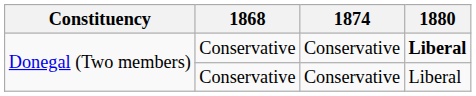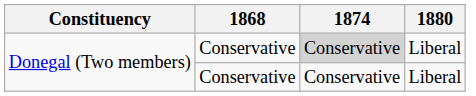 <table class="wikitable">
 <tr>
 <th>Constituency</th>
 <th>1868</th>
 <th>1874</th>
 <th>1880</th>
 </tr>
 <tr>
 <td rowspan="2"><a href='#'>Donegal</a> (Two members)</td>
 <td>Conservative</td>
-<td>Conservative</td>
-<td><strong>Liberal</strong></td>
+<td style="background: lightgrey;">Conservative</td>
+<td>Liberal</td>
 </tr>
 <tr>
 <td>Conservative</td>
 <td>Conservative</td>
 <td>Liberal</td>
 </tr>
 </table>
